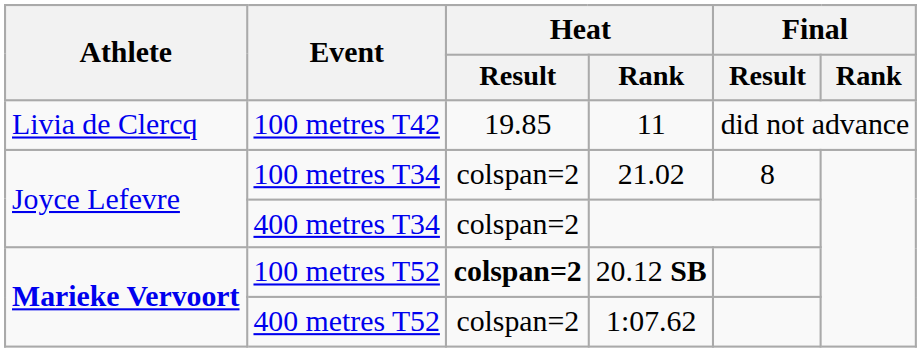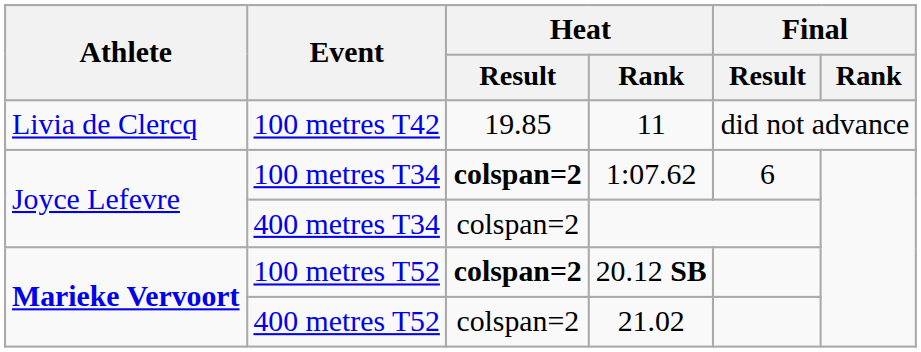 <table class="wikitable" style="font-size:90%">
 <tr>
 <th rowspan="2">Athlete</th>
 <th rowspan="2">Event</th>
 <th colspan="2">Heat</th>
 <th colspan="2">Final</th>
 </tr>
 <tr style="font-size:95%">
 <th>Result</th>
 <th>Rank</th>
 <th>Result</th>
 <th>Rank</th>
 </tr>
 <tr align=center>
 <td align=left><a href='#'>Livia de Clercq</a></td>
 <td align=left><a href='#'>100 metres T42</a></td>
 <td>19.85</td>
 <td>11</td>
 <td colspan=2>did not advance</td>
 </tr>
 <tr align=center>
 <td align=left rowspan=2><a href='#'>Joyce Lefevre</a></td>
 <td align=left><a href='#'>100 metres T34</a></td>
-<td>colspan=2</td>
-<td>21.02</td>
-<td>8</td>
+<td><strong>colspan=2</strong></td>
+<td>1:07.62</td>
+<td>6</td>
 </tr>
 <tr align=center>
 <td align=left><a href='#'>400 metres T34</a></td>
 <td>colspan=2</td>
 <td colspan=2></td>
 </tr>
 <tr align=center>
 <td align=left rowspan=2><strong><a href='#'>Marieke Vervoort</a></strong></td>
 <td align=left><a href='#'>100 metres T52</a></td>
 <td><strong>colspan=2</strong></td>
 <td>20.12 <strong>SB</strong></td>
 <td></td>
 </tr>
 <tr align=center>
 <td align=left><a href='#'>400 metres T52</a></td>
 <td>colspan=2</td>
-<td>1:07.62</td>
+<td>21.02</td>
 <td></td>
 </tr>
 </table>
